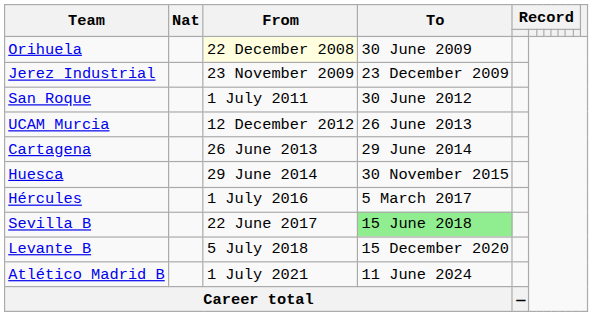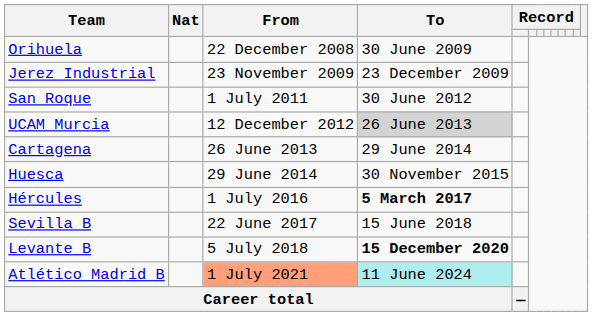 <table class="wikitable" style="text-align: center">
 <tr>
 <th rowspan="2">Team</th>
 <th rowspan="2">Nat</th>
 <th rowspan="2">From</th>
 <th rowspan="2">To</th>
 <th colspan="8">Record</th>
 <th rowspan=2></th>
 </tr>
 <tr>
 <th></th>
 <th></th>
 <th></th>
 <th></th>
 <th></th>
 <th></th>
 <th></th>
 <th></th>
 </tr>
 <tr>
 <td align="left"><a href='#'>Orihuela</a></td>
 <td></td>
-<td align=left style="background: lightyellow;">22 December 2008</td>
+<td align=left>22 December 2008</td>
 <td align=left>30 June 2009<br></td>
 <td></td>
 </tr>
 <tr>
 <td align="left"><a href='#'>Jerez Industrial</a></td>
 <td></td>
 <td align=left>23 November 2009</td>
 <td align=left>23 December 2009<br></td>
 <td></td>
 </tr>
 <tr>
 <td align="left"><a href='#'>San Roque</a></td>
 <td></td>
 <td align=left>1 July 2011</td>
 <td align=left>30 June 2012<br></td>
 <td></td>
 </tr>
 <tr>
 <td align="left"><a href='#'>UCAM Murcia</a></td>
 <td></td>
 <td align=left>12 December 2012</td>
-<td align=left>26 June 2013<br></td>
+<td align=left style="background: lightgrey;">26 June 2013<br></td>
 <td></td>
 </tr>
 <tr>
 <td align="left"><a href='#'>Cartagena</a></td>
 <td></td>
 <td align=left>26 June 2013</td>
 <td align=left>29 June 2014<br></td>
 <td></td>
 </tr>
 <tr>
 <td align="left"><a href='#'>Huesca</a></td>
 <td></td>
 <td align=left>29 June 2014</td>
 <td align=left>30 November 2015<br></td>
 <td></td>
 </tr>
 <tr>
 <td align="left"><a href='#'>Hércules</a></td>
 <td></td>
 <td align=left>1 July 2016</td>
-<td align=left>5 March 2017<br></td>
+<td align=left><strong>5 March 2017<br></strong></td>
 <td></td>
 </tr>
 <tr>
 <td align="left"><a href='#'>Sevilla B</a></td>
 <td></td>
 <td align=left>22 June 2017</td>
-<td align=left style="background: lightgreen;">15 June 2018<br></td>
+<td align=left>15 June 2018<br></td>
 <td></td>
 </tr>
 <tr>
 <td align="left"><a href='#'>Levante B</a></td>
 <td></td>
 <td align=left>5 July 2018</td>
-<td align=left>15 December 2020<br></td>
+<td align=left><strong>15 December 2020<br></strong></td>
 <td></td>
 </tr>
 <tr>
 <td align="left"><a href='#'>Atlético Madrid B</a></td>
 <td></td>
-<td align=left>1 July 2021</td>
-<td align=left>11 June 2024<br></td>
+<td align=left style="background: lightsalmon;">1 July 2021</td>
+<td align=left style="background: paleturquoise;">11 June 2024<br></td>
 <td></td>
 </tr>
 <tr>
 <th colspan=4>Career total<br></th>
 <th>—</th>
 </tr>
 </table>
